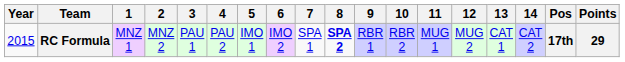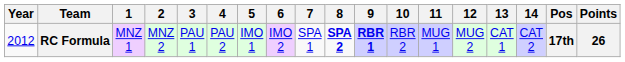 <table class="wikitable" style="text-align:center; font-size:85%">
 <tr>
 <th>Year</th>
 <th>Team</th>
 <th>1</th>
 <th>2</th>
 <th>3</th>
 <th>4</th>
 <th>5</th>
 <th>6</th>
 <th>7</th>
 <th>8</th>
 <th>9</th>
 <th>10</th>
 <th>11</th>
 <th>12</th>
 <th>13</th>
 <th>14</th>
 <th>Pos</th>
 <th>Points</th>
 </tr>
 <tr>
-<td><a href='#'>2015</a></td>
+<td><a href='#'>2012</a></td>
 <th nowrap>RC Formula</th>
 <td style="background:#EFCFFF;"><a href='#'>MNZ<br>1</a><br></td>
 <td style="background:#DFFFDF;"><a href='#'>MNZ<br>2</a><br></td>
 <td style="background:#DFFFDF;"><a href='#'>PAU<br>1</a><br></td>
 <td style="background:#DFFFDF;"><a href='#'>PAU<br>2</a><br></td>
 <td style="background:#DFFFDF;"><a href='#'>IMO<br>1</a><br></td>
 <td style="background:#EFCFFF;"><a href='#'>IMO<br>2</a><br></td>
 <td style="background:#;"><a href='#'>SPA<br>1</a><br></td>
 <td style="background:#;"><strong><a href='#'>SPA<br>2</a><br></strong></td>
-<td style="background:#CFCFFF;"><a href='#'>RBR<br>1</a><br></td>
+<td style="background:#CFCFFF;"><strong><a href='#'>RBR<br>1</a><br></strong></td>
 <td style="background:#CFCFFF;"><a href='#'>RBR<br>2</a><br></td>
 <td style="background:#CFCFFF;"><a href='#'>MUG<br>1</a><br></td>
 <td style="background:#DFFFDF;"><a href='#'>MUG<br>2</a><br></td>
 <td style="background:#DFFFDF;"><a href='#'>CAT<br>1</a><br></td>
 <td style="background:#CFCFFF;"><a href='#'>CAT<br>2</a><br></td>
 <th>17th</th>
-<th>29</th>
+<th>26</th>
 </tr>
 </table>
